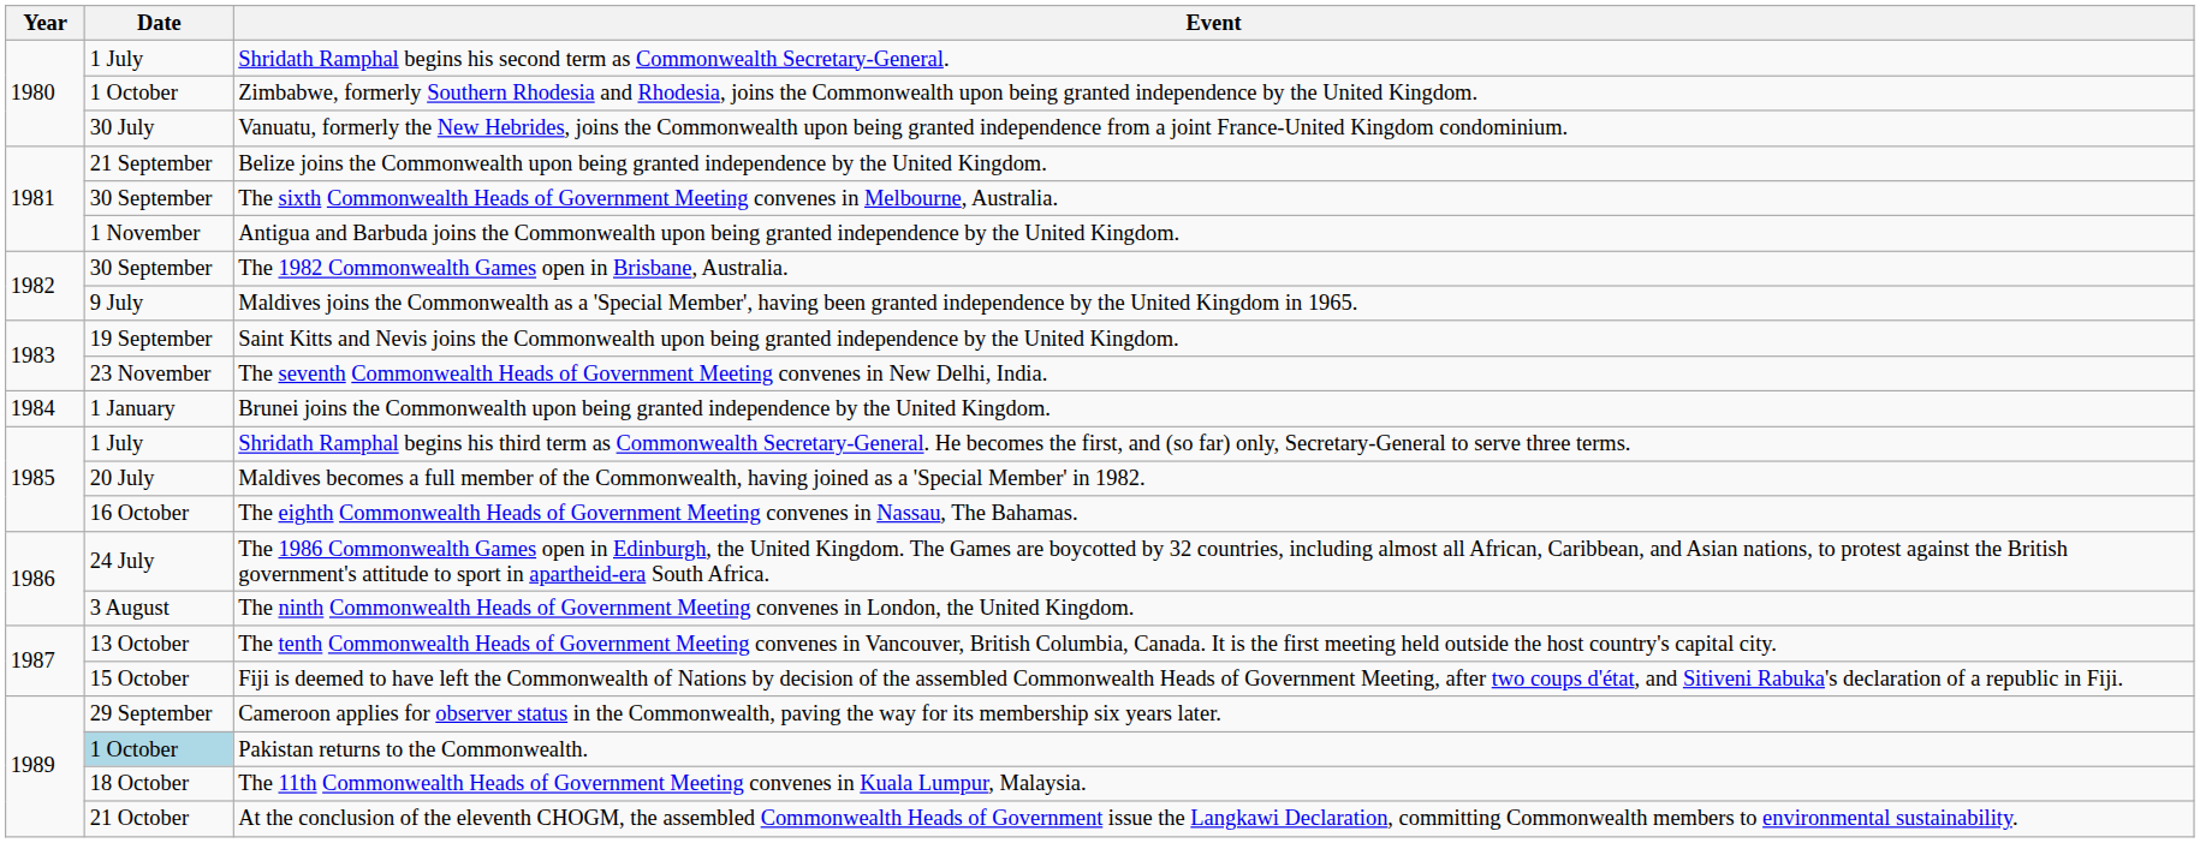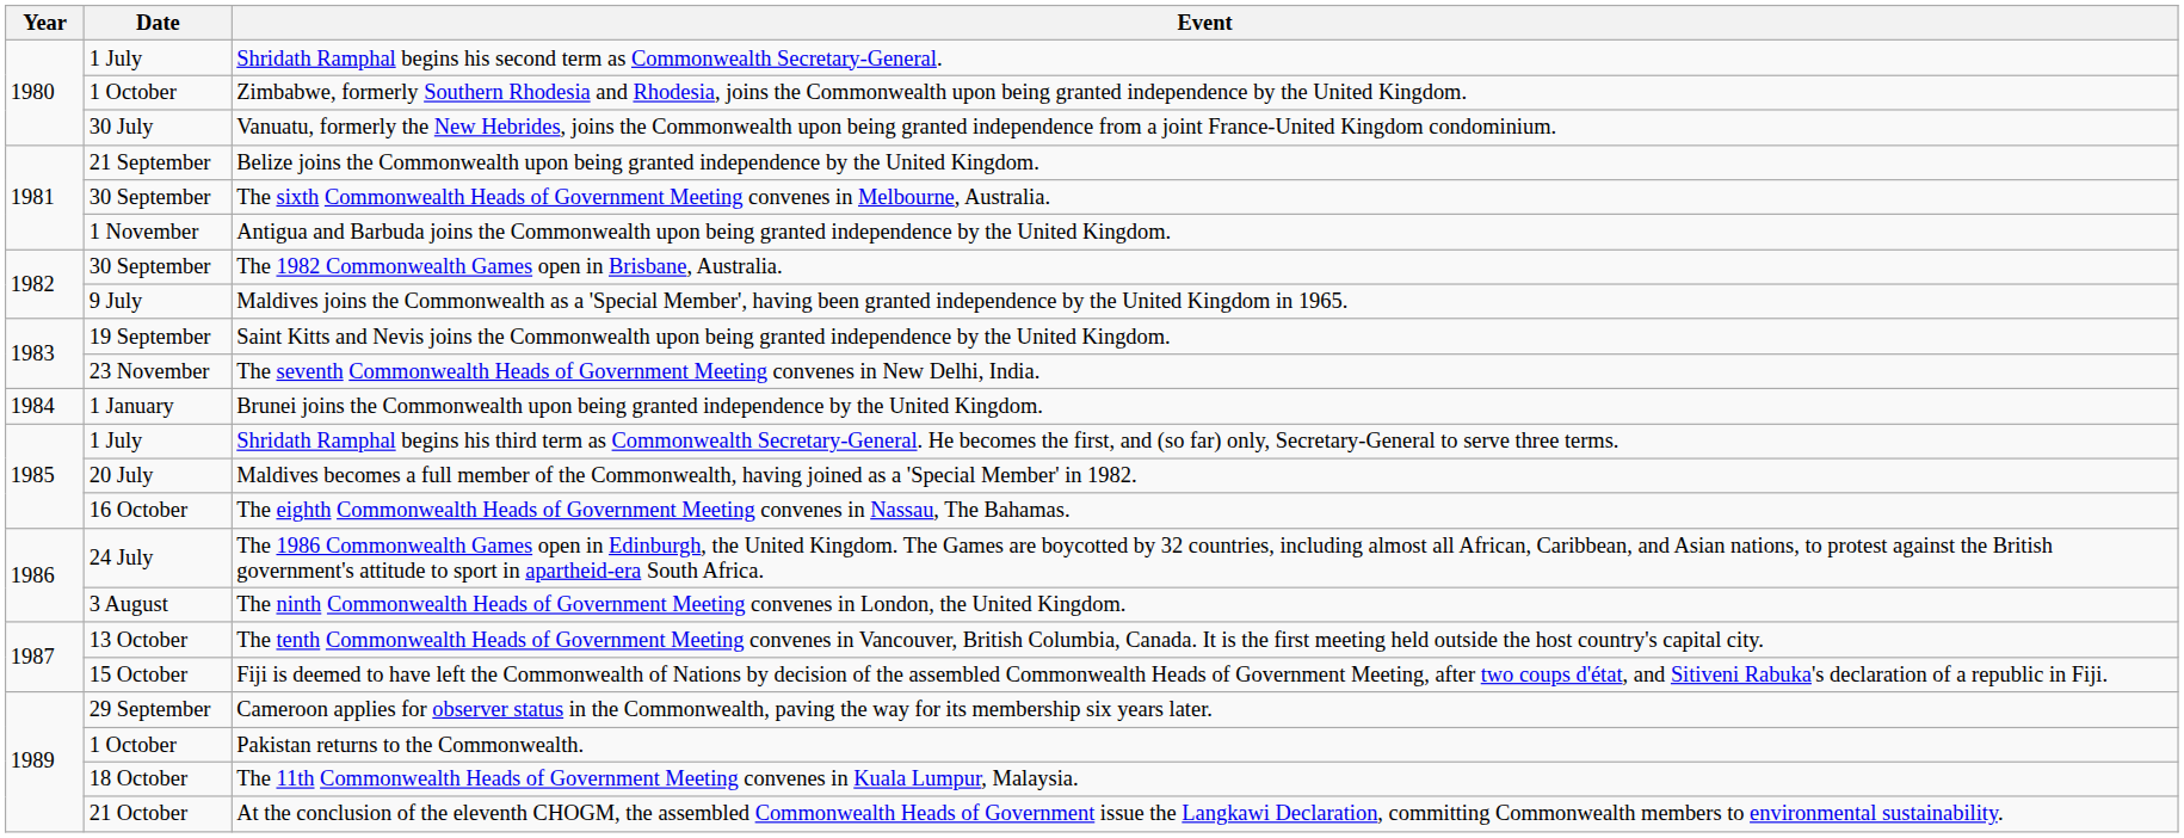 <table class="wikitable" width="100%">
 <tr>
 <th width=50px>Year</th>
 <th width=100px>Date</th>
 <th>Event</th>
 </tr>
 <tr>
 <td rowspan=3>1980</td>
 <td>1 July</td>
 <td><a href='#'>Shridath Ramphal</a> begins his second term as <a href='#'>Commonwealth Secretary-General</a>.</td>
 </tr>
 <tr>
 <td>1 October</td>
 <td>Zimbabwe, formerly <a href='#'>Southern Rhodesia</a> and <a href='#'>Rhodesia</a>, joins the Commonwealth upon being granted independence by the United Kingdom.</td>
 </tr>
 <tr>
 <td>30 July</td>
 <td>Vanuatu, formerly the <a href='#'>New Hebrides</a>, joins the Commonwealth upon being granted independence from a joint France-United Kingdom condominium.</td>
 </tr>
 <tr>
 <td rowspan=3>1981</td>
 <td>21 September</td>
 <td>Belize joins the Commonwealth upon being granted independence by the United Kingdom.</td>
 </tr>
 <tr>
 <td>30 September</td>
 <td>The <a href='#'>sixth</a> <a href='#'>Commonwealth Heads of Government Meeting</a> convenes in <a href='#'>Melbourne</a>, Australia.</td>
 </tr>
 <tr>
 <td>1 November</td>
 <td>Antigua and Barbuda joins the Commonwealth upon being granted independence by the United Kingdom.</td>
 </tr>
 <tr>
 <td rowspan=2>1982</td>
 <td>30 September</td>
 <td>The <a href='#'>1982 Commonwealth Games</a> open in <a href='#'>Brisbane</a>, Australia.</td>
 </tr>
 <tr>
 <td>9 July</td>
 <td>Maldives joins the Commonwealth as a 'Special Member', having been granted independence by the United Kingdom in 1965.</td>
 </tr>
 <tr>
 <td rowspan=2>1983</td>
 <td>19 September</td>
 <td>Saint Kitts and Nevis joins the Commonwealth upon being granted independence by the United Kingdom.</td>
 </tr>
 <tr>
 <td>23 November</td>
 <td>The <a href='#'>seventh</a> <a href='#'>Commonwealth Heads of Government Meeting</a> convenes in New Delhi, India.</td>
 </tr>
 <tr>
 <td>1984</td>
 <td>1 January</td>
 <td>Brunei joins the Commonwealth upon being granted independence by the United Kingdom.</td>
 </tr>
 <tr>
 <td rowspan=3>1985</td>
 <td>1 July</td>
 <td><a href='#'>Shridath Ramphal</a> begins his third term as <a href='#'>Commonwealth Secretary-General</a>. He becomes the first, and (so far) only, Secretary-General to serve three terms.</td>
 </tr>
 <tr>
 <td>20 July</td>
 <td>Maldives becomes a full member of the Commonwealth, having joined as a 'Special Member' in 1982.</td>
 </tr>
 <tr>
 <td>16 October</td>
 <td>The <a href='#'>eighth</a> <a href='#'>Commonwealth Heads of Government Meeting</a> convenes in <a href='#'>Nassau</a>, The Bahamas.</td>
 </tr>
 <tr>
 <td rowspan=2>1986</td>
 <td>24 July</td>
 <td>The <a href='#'>1986 Commonwealth Games</a> open in <a href='#'>Edinburgh</a>, the United Kingdom. The Games are boycotted by 32 countries, including almost all African, Caribbean, and Asian nations, to protest against the British government's attitude to sport in <a href='#'>apartheid-era</a> South Africa.</td>
 </tr>
 <tr>
 <td>3 August</td>
 <td>The <a href='#'>ninth</a> <a href='#'>Commonwealth Heads of Government Meeting</a> convenes in London, the United Kingdom.</td>
 </tr>
 <tr>
 <td rowspan=2>1987</td>
 <td>13 October</td>
 <td>The <a href='#'>tenth</a> <a href='#'>Commonwealth Heads of Government Meeting</a> convenes in Vancouver, British Columbia, Canada. It is the first meeting held outside the host country's capital city.</td>
 </tr>
 <tr>
 <td>15 October</td>
 <td>Fiji is deemed to have left the Commonwealth of Nations by decision of the assembled Commonwealth Heads of Government Meeting, after <a href='#'>two coups d'état</a>, and <a href='#'>Sitiveni Rabuka</a>'s declaration of a republic in Fiji.</td>
 </tr>
 <tr>
 <td rowspan=4>1989</td>
 <td>29 September</td>
 <td>Cameroon applies for <a href='#'>observer status</a> in the Commonwealth, paving the way for its membership six years later.</td>
 </tr>
 <tr>
-<td style="background: lightblue;">1 October</td>
+<td>1 October</td>
 <td>Pakistan returns to the Commonwealth.</td>
 </tr>
 <tr>
 <td>18 October</td>
 <td>The <a href='#'>11th</a> <a href='#'>Commonwealth Heads of Government Meeting</a> convenes in <a href='#'>Kuala Lumpur</a>, Malaysia.</td>
 </tr>
 <tr>
 <td>21 October</td>
 <td>At the conclusion of the eleventh CHOGM, the assembled <a href='#'>Commonwealth Heads of Government</a> issue the <a href='#'>Langkawi Declaration</a>, committing Commonwealth members to <a href='#'>environmental sustainability</a>.</td>
 </tr>
 </table>
